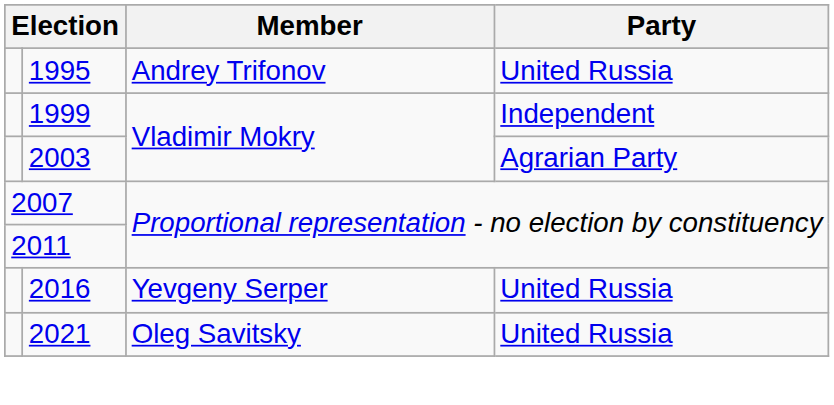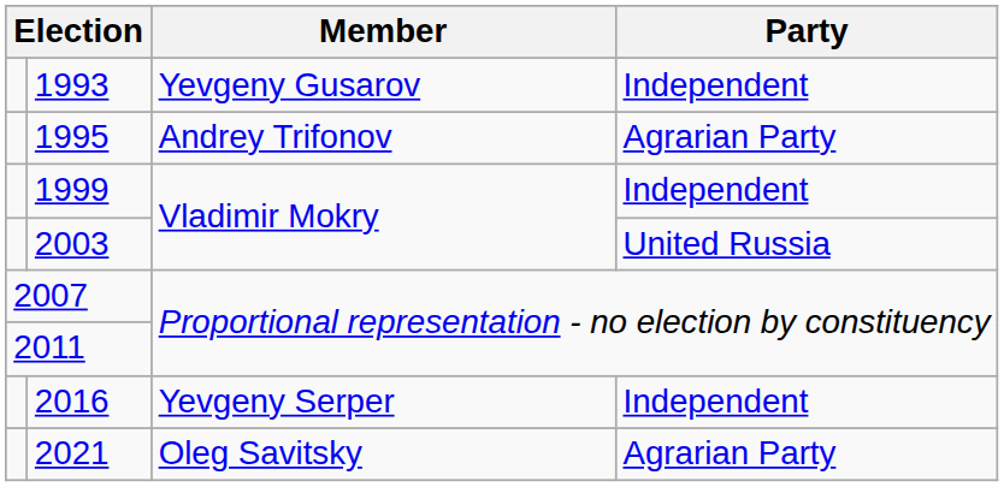 <table class="wikitable">
 <tr>
 <th colspan="2">Election</th>
 <th>Member</th>
 <th>Party</th>
 </tr>
 <tr>
 <td style="background-color:"></td>
+<td><a href='#'>1993</a></td>
+<td><a href='#'>Yevgeny Gusarov</a></td>
+<td><a href='#'>Independent</a></td>
+</tr>
+<tr>
+<td style="background-color:"></td>
 <td><a href='#'>1995</a></td>
 <td><a href='#'>Andrey Trifonov</a></td>
-<td><a href='#'>United Russia</a></td>
+<td><a href='#'>Agrarian Party</a></td>
 </tr>
 <tr>
 <td style="background-color:"></td>
 <td><a href='#'>1999</a></td>
 <td rowspan=2><a href='#'>Vladimir Mokry</a></td>
 <td><a href='#'>Independent</a></td>
 </tr>
 <tr>
 <td style="background-color:"></td>
 <td><a href='#'>2003</a></td>
-<td><a href='#'>Agrarian Party</a></td>
+<td><a href='#'>United Russia</a></td>
 </tr>
 <tr>
 <td colspan=2><a href='#'>2007</a></td>
 <td colspan=2 rowspan=2><em><a href='#'>Proportional representation</a> - no election by constituency</em></td>
 </tr>
 <tr>
 <td colspan=2><a href='#'>2011</a></td>
 </tr>
 <tr>
 <td style="background-color:"></td>
 <td><a href='#'>2016</a></td>
 <td><a href='#'>Yevgeny Serper</a></td>
-<td><a href='#'>United Russia</a></td>
+<td><a href='#'>Independent</a></td>
 </tr>
 <tr>
 <td style="background-color:"></td>
 <td><a href='#'>2021</a></td>
 <td><a href='#'>Oleg Savitsky</a></td>
-<td><a href='#'>United Russia</a></td>
+<td><a href='#'>Agrarian Party</a></td>
 </tr>
 </table>
